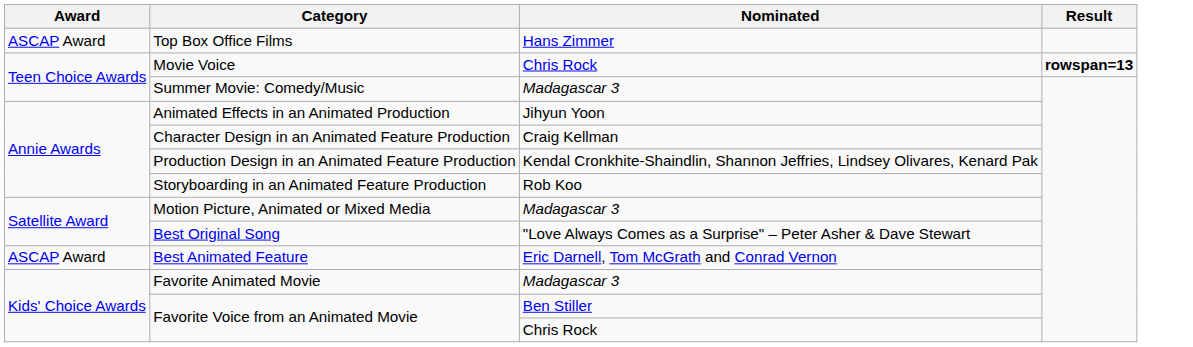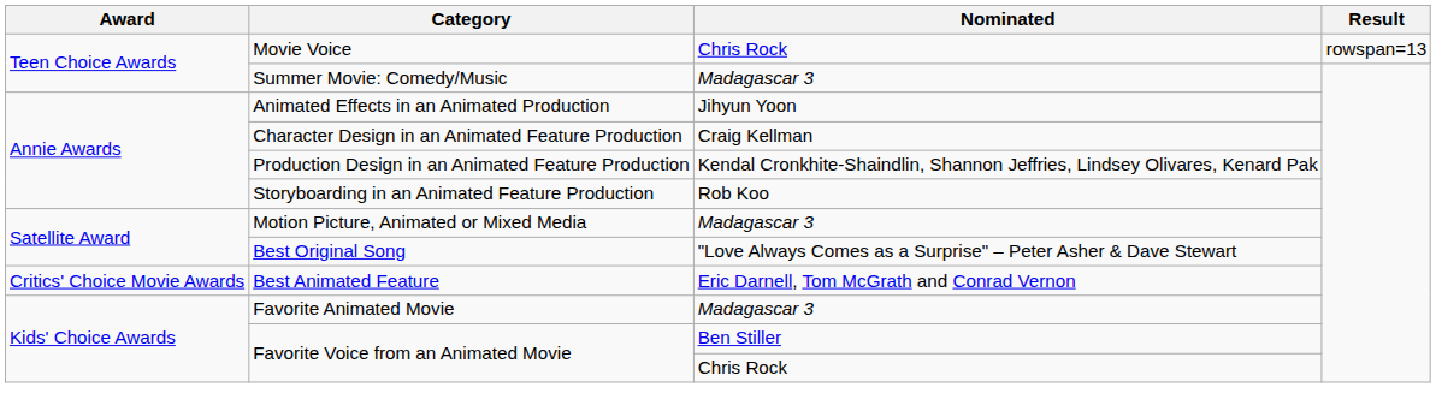 <table class="wikitable">
 <tr>
 <th>Award</th>
 <th>Category</th>
 <th>Nominated</th>
 <th>Result</th>
 </tr>
 <tr>
-<td><a href='#'>ASCAP</a> Award</td>
-<td>Top Box Office Films</td>
-<td><a href='#'>Hans Zimmer</a></td>
-<td></td>
-</tr>
-<tr>
 <td rowspan="2"><a href='#'>Teen Choice Awards</a></td>
 <td>Movie Voice</td>
 <td><a href='#'>Chris Rock</a></td>
-<td><strong>rowspan=13 </strong></td>
+<td>rowspan=13 </td>
 </tr>
 <tr>
 <td>Summer Movie: Comedy/Music</td>
 <td><em>Madagascar 3</em></td>
 </tr>
 <tr>
 <td rowspan="4"><a href='#'>Annie Awards</a></td>
 <td>Animated Effects in an Animated Production</td>
 <td>Jihyun Yoon</td>
 </tr>
 <tr>
 <td>Character Design in an Animated Feature Production</td>
 <td>Craig Kellman</td>
 </tr>
 <tr>
 <td>Production Design in an Animated Feature Production</td>
 <td>Kendal Cronkhite-Shaindlin, Shannon Jeffries, Lindsey Olivares, Kenard Pak</td>
 </tr>
 <tr>
 <td>Storyboarding in an Animated Feature Production</td>
 <td>Rob Koo</td>
 </tr>
 <tr>
 <td rowspan="2"><a href='#'>Satellite Award</a></td>
 <td>Motion Picture, Animated or Mixed Media</td>
 <td><em>Madagascar 3</em></td>
 </tr>
 <tr>
 <td><a href='#'>Best Original Song</a></td>
 <td>"Love Always Comes as a Surprise" – Peter Asher & Dave Stewart</td>
 </tr>
 <tr>
-<td><a href='#'>ASCAP</a> Award</td>
+<td><a href='#'>Critics' Choice Movie Awards</a></td>
 <td><a href='#'>Best Animated Feature</a></td>
 <td><a href='#'>Eric Darnell</a>, <a href='#'>Tom McGrath</a> and <a href='#'>Conrad Vernon</a></td>
 </tr>
 <tr>
 <td rowspan="3"><a href='#'>Kids' Choice Awards</a></td>
 <td>Favorite Animated Movie</td>
 <td><em>Madagascar 3</em></td>
 </tr>
 <tr>
 <td rowspan=2>Favorite Voice from an Animated Movie</td>
 <td><a href='#'>Ben Stiller</a></td>
 </tr>
 <tr>
 <td>Chris Rock</td>
 </tr>
 </table>
